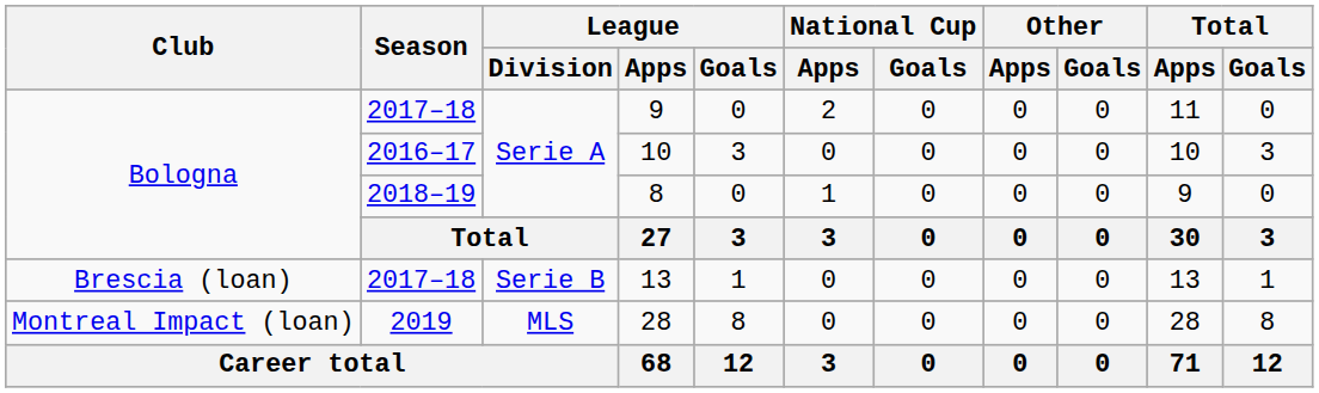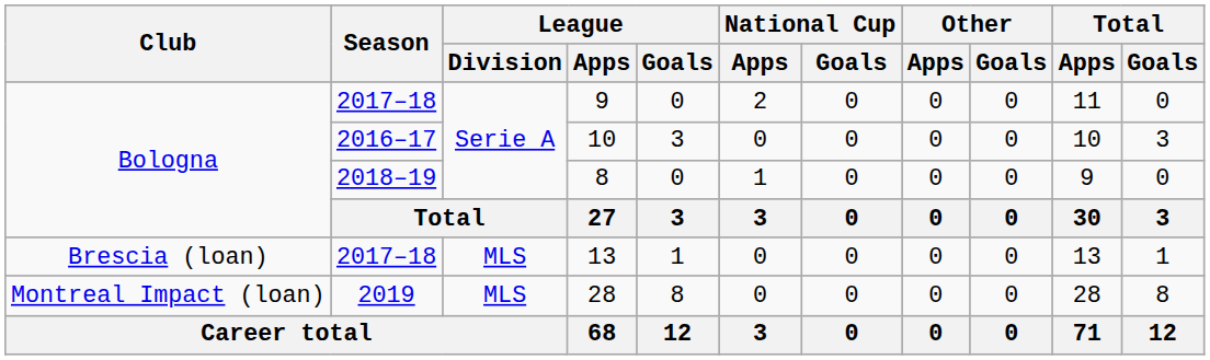 <table class=wikitable style="text-align: center">
 <tr>
 <th rowspan=2>Club</th>
 <th rowspan=2>Season</th>
 <th colspan=3>League</th>
 <th colspan=2>National Cup</th>
 <th colspan=2>Other</th>
 <th colspan=2>Total</th>
 </tr>
 <tr>
 <th>Division</th>
 <th>Apps</th>
 <th>Goals</th>
 <th>Apps</th>
 <th>Goals</th>
 <th>Apps</th>
 <th>Goals</th>
 <th>Apps</th>
 <th>Goals</th>
 </tr>
 <tr>
 <td rowspan=4><a href='#'>Bologna</a></td>
 <td><a href='#'>2017–18</a></td>
 <td rowspan=3><a href='#'>Serie A</a></td>
 <td>9</td>
 <td>0</td>
 <td>2</td>
 <td>0</td>
 <td>0</td>
 <td>0</td>
 <td>11</td>
 <td>0</td>
 </tr>
 <tr>
 <td><a href='#'>2016–17</a></td>
 <td>10</td>
 <td>3</td>
 <td>0</td>
 <td>0</td>
 <td>0</td>
 <td>0</td>
 <td>10</td>
 <td>3</td>
 </tr>
 <tr>
 <td><a href='#'>2018–19</a></td>
 <td>8</td>
 <td>0</td>
 <td>1</td>
 <td>0</td>
 <td>0</td>
 <td>0</td>
 <td>9</td>
 <td>0</td>
 </tr>
 <tr>
 <th colspan=2>Total</th>
 <th>27</th>
 <th>3</th>
 <th>3</th>
 <th>0</th>
 <th>0</th>
 <th>0</th>
 <th>30</th>
 <th>3</th>
 </tr>
 <tr>
 <td><a href='#'>Brescia</a> (loan)</td>
 <td><a href='#'>2017–18</a></td>
-<td><a href='#'>Serie B</a></td>
+<td><a href='#'>MLS</a></td>
 <td>13</td>
 <td>1</td>
 <td>0</td>
 <td>0</td>
 <td>0</td>
 <td>0</td>
 <td>13</td>
 <td>1</td>
 </tr>
 <tr>
 <td><a href='#'>Montreal Impact</a> (loan)</td>
 <td><a href='#'>2019</a></td>
 <td><a href='#'>MLS</a></td>
 <td>28</td>
 <td>8</td>
 <td>0</td>
 <td>0</td>
 <td>0</td>
 <td>0</td>
 <td>28</td>
 <td>8</td>
 </tr>
 <tr>
 <th colspan=3>Career total</th>
 <th>68</th>
 <th>12</th>
 <th>3</th>
 <th>0</th>
 <th>0</th>
 <th>0</th>
 <th>71</th>
 <th>12</th>
 </tr>
 </table>
